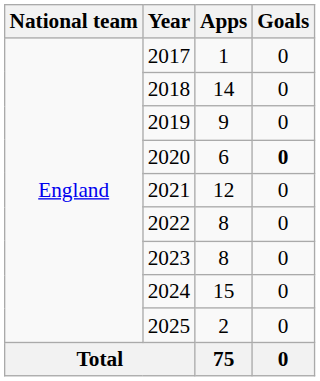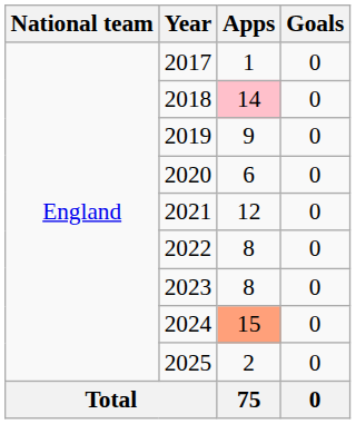 <table class="wikitable" style="text-align: center;">
 <tr>
 <th>National team</th>
 <th>Year</th>
 <th>Apps</th>
 <th>Goals</th>
 </tr>
 <tr>
 <td rowspan="9"><a href='#'>England</a></td>
 <td>2017</td>
 <td>1</td>
 <td>0</td>
 </tr>
 <tr>
 <td>2018</td>
-<td>14</td>
+<td style="background: pink;">14</td>
 <td>0</td>
 </tr>
 <tr>
 <td>2019</td>
 <td>9</td>
 <td>0</td>
 </tr>
 <tr>
 <td>2020</td>
 <td>6</td>
-<td><strong>0</strong></td>
+<td>0</td>
 </tr>
 <tr>
 <td>2021</td>
 <td>12</td>
 <td>0</td>
 </tr>
 <tr>
 <td>2022</td>
 <td>8</td>
 <td>0</td>
 </tr>
 <tr>
 <td>2023</td>
 <td>8</td>
 <td>0</td>
 </tr>
 <tr>
 <td>2024</td>
-<td>15</td>
+<td style="background: lightsalmon;">15</td>
 <td>0</td>
 </tr>
 <tr>
 <td>2025</td>
 <td>2</td>
 <td>0</td>
 </tr>
 <tr>
 <th colspan="2">Total</th>
 <th>75</th>
 <th>0</th>
 </tr>
 </table>
